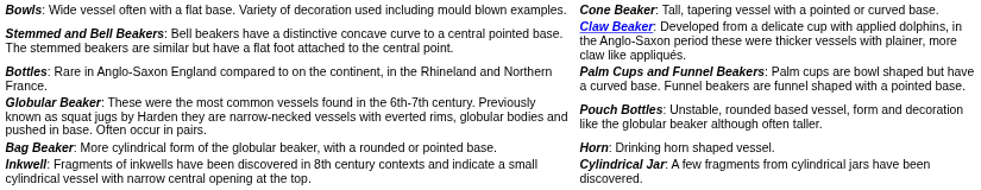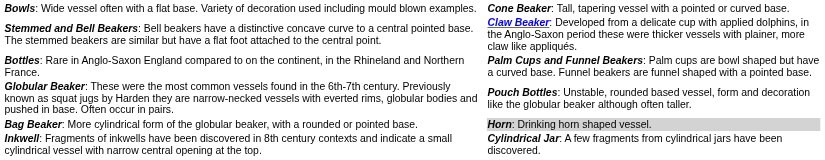 <table>
 <tr>
 <td></td>
 <td><strong><em>Bowls</em></strong>: Wide vessel often with a flat base. Variety of decoration used including mould blown examples.</td>
 <td></td>
 <td><strong><em>Cone Beaker</em></strong>: Tall, tapering vessel with a pointed or curved base.</td>
 </tr>
 <tr>
 <td></td>
 <td><strong><em>Stemmed and Bell Beakers</em></strong>: Bell beakers have a distinctive concave curve to a central pointed base. The stemmed beakers are similar but have a flat foot attached to the central point.</td>
 <td></td>
 <td><strong><em><a href='#'>Claw Beaker</a></em></strong>: Developed from a delicate cup with applied dolphins, in the Anglo-Saxon period these were thicker vessels with plainer, more claw like appliqués.</td>
 </tr>
 <tr>
 <td></td>
 <td><strong><em>Bottles</em></strong>: Rare in Anglo-Saxon England compared to on the continent, in the Rhineland and Northern France.</td>
 <td></td>
 <td><strong><em>Palm Cups and Funnel Beakers</em></strong>: Palm cups are bowl shaped but have a curved base. Funnel beakers are funnel shaped with a pointed base.</td>
 </tr>
 <tr>
 <td></td>
 <td><strong><em>Globular Beaker</em></strong>: These were the most common vessels found in the 6th-7th century. Previously known as squat jugs by Harden they are narrow-necked vessels with everted rims, globular bodies and pushed in base. Often occur in pairs.</td>
 <td></td>
 <td><strong><em>Pouch Bottles</em></strong>: Unstable, rounded based vessel, form and decoration like the globular beaker although often taller.</td>
 </tr>
 <tr>
 <td></td>
 <td><strong><em>Bag Beaker</em></strong>: More cylindrical form of the globular beaker, with a rounded or pointed base.</td>
 <td></td>
-<td><strong><em>Horn</em></strong>: Drinking horn shaped vessel.</td>
+<td style="background: lightgrey;"><strong><em>Horn</em></strong>: Drinking horn shaped vessel.</td>
 </tr>
 <tr>
 <td></td>
 <td><strong><em>Inkwell</em></strong>: Fragments of inkwells have been discovered in 8th century contexts and indicate a small cylindrical vessel with narrow central opening at the top.</td>
 <td></td>
 <td><strong><em>Cylindrical Jar</em></strong>: A few fragments from cylindrical jars have been discovered.</td>
 </tr>
 </table>
